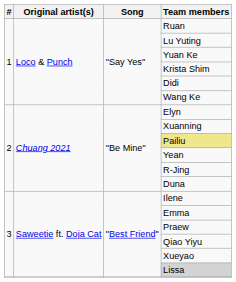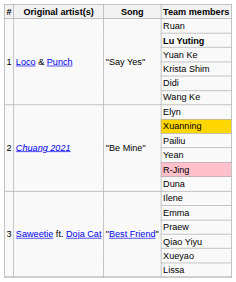 <table class="wikitable sortable" style="font-size: 85%; white-space: nowrap;">
 <tr>
 <th>#</th>
 <th>Original artist(s)</th>
 <th>Song</th>
 <th>Team members</th>
 </tr>
 <tr>
 <td rowspan="6">1</td>
 <td rowspan="6"><a href='#'>Loco</a> & <a href='#'>Punch</a></td>
 <td rowspan="6">"Say Yes"</td>
 <td>Ruan</td>
 </tr>
 <tr>
-<td>Lu Yuting</td>
+<td><strong>Lu Yuting</strong></td>
 </tr>
 <tr>
 <td>Yuan Ke</td>
 </tr>
 <tr>
 <td>Krista Shim</td>
 </tr>
 <tr>
 <td>Didi</td>
 </tr>
 <tr>
 <td>Wang Ke</td>
 </tr>
 <tr>
 <td rowspan="6">2</td>
 <td rowspan="6"><em><a href='#'>Chuang 2021</a></em></td>
 <td rowspan="6">"Be Mine"</td>
 <td>Elyn</td>
 </tr>
 <tr>
-<td>Xuanning</td>
+<td style="background: gold;">Xuanning</td>
 </tr>
 <tr>
-<td style="background: khaki;">Pailiu</td>
+<td>Pailiu</td>
 </tr>
 <tr>
 <td>Yean</td>
 </tr>
 <tr>
-<td>R-Jing</td>
+<td style="background: pink;">R-Jing</td>
 </tr>
 <tr>
 <td>Duna</td>
 </tr>
 <tr>
 <td rowspan="6">3</td>
 <td rowspan="6"><a href='#'>Saweetie</a> ft. <a href='#'>Doja Cat</a></td>
 <td rowspan="6">"<a href='#'>Best Friend</a>"</td>
 <td>Ilene</td>
 </tr>
 <tr>
 <td>Emma</td>
 </tr>
 <tr>
 <td>Praew</td>
 </tr>
 <tr>
 <td>Qiao Yiyu</td>
 </tr>
 <tr>
 <td>Xueyao</td>
 </tr>
 <tr>
-<td style="background: lightgrey;">Lissa</td>
+<td>Lissa</td>
 </tr>
 <tr>
 </tr>
 </table>
